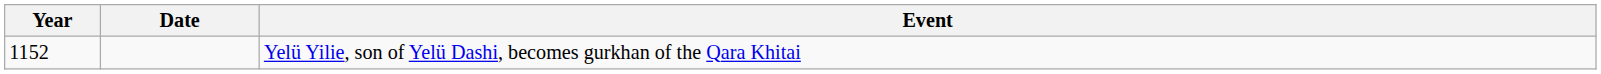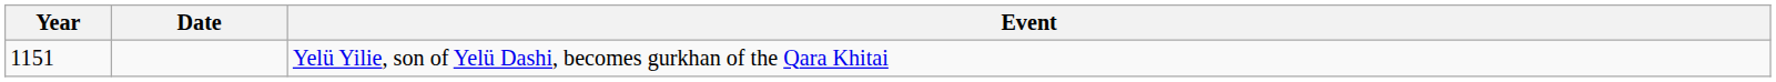 <table class="wikitable" width="100%">
 <tr>
 <th style="width:6%">Year</th>
 <th style="width:10%">Date</th>
 <th>Event</th>
 </tr>
 <tr>
-<td>1152</td>
+<td>1151</td>
 <td></td>
 <td><a href='#'>Yelü Yilie</a>, son of <a href='#'>Yelü Dashi</a>, becomes gurkhan of the <a href='#'>Qara Khitai</a></td>
 </tr>
 </table>
